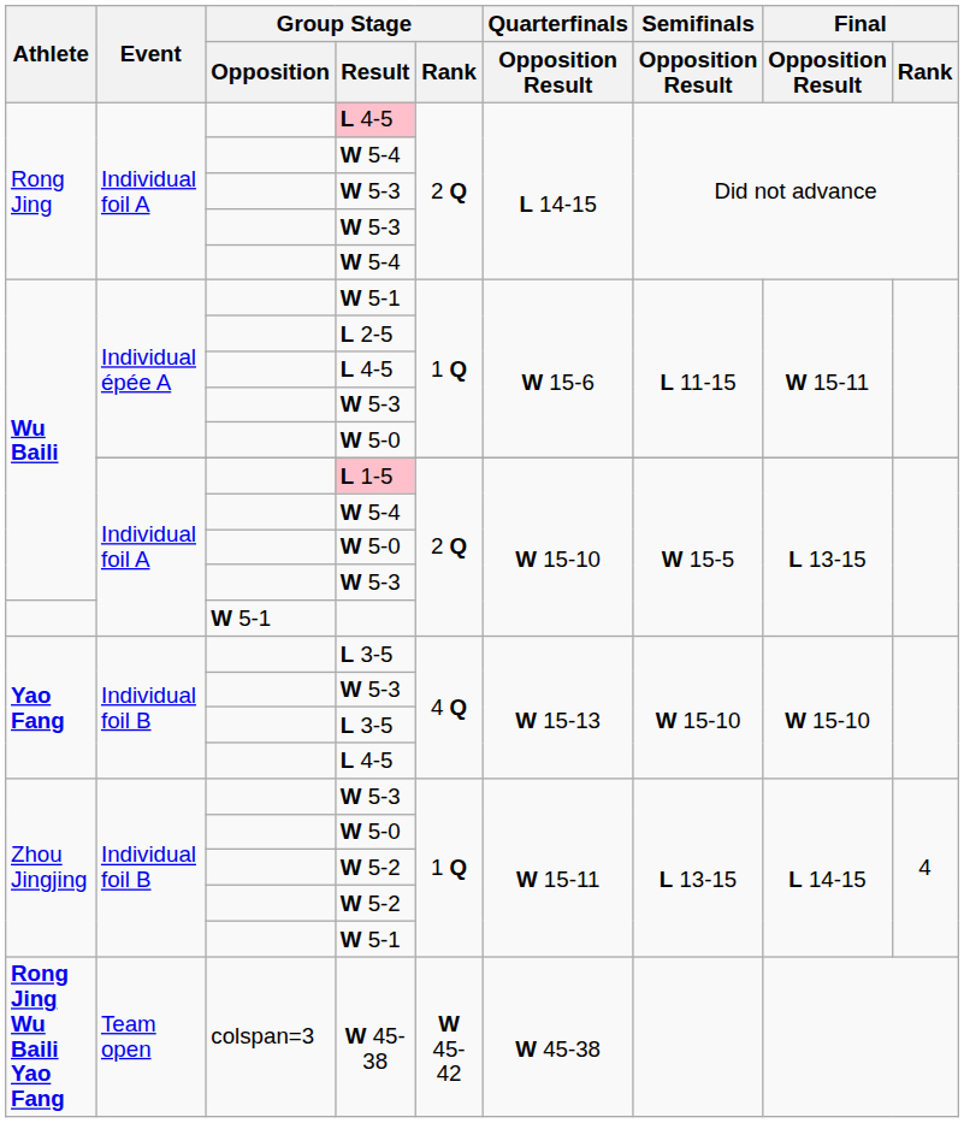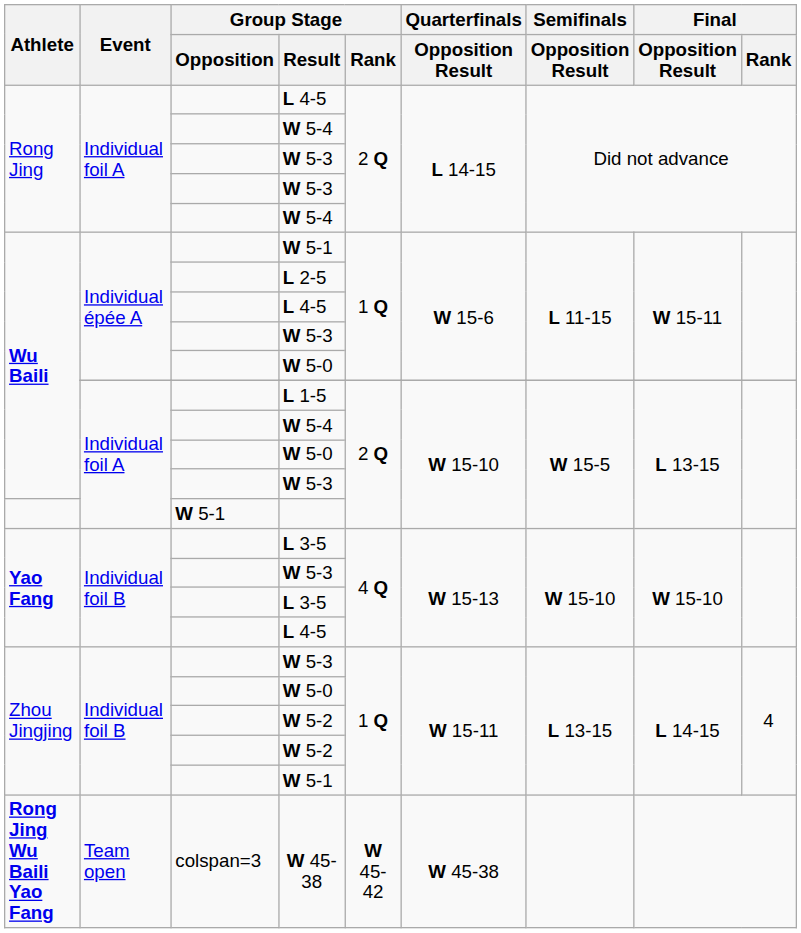 <table class=wikitable style="font-size:90%">
 <tr>
 <th rowspan="2">Athlete</th>
 <th rowspan="2">Event</th>
 <th colspan="3">Group Stage</th>
 <th>Quarterfinals</th>
 <th>Semifinals</th>
 <th colspan="2">Final</th>
 </tr>
 <tr>
 <th>Opposition</th>
 <th>Result</th>
 <th>Rank</th>
 <th>Opposition<br>Result</th>
 <th>Opposition<br>Result</th>
 <th>Opposition<br>Result</th>
 <th>Rank</th>
 </tr>
 <tr>
 <td align=left rowspan=5><a href='#'>Rong Jing</a></td>
 <td align=left rowspan=5><a href='#'>Individual foil A</a></td>
 <td></td>
-<td style="background: pink;"><strong>L</strong> 4-5</td>
+<td><strong>L</strong> 4-5</td>
 <td align=center rowspan=5>2 <strong>Q</strong></td>
 <td align=center rowspan=5><br><strong>L</strong> 14-15</td>
 <td align=center rowspan=5 colspan=3>Did not advance</td>
 </tr>
 <tr>
 <td></td>
 <td><strong>W</strong> 5-4</td>
 </tr>
 <tr>
 <td></td>
 <td><strong>W</strong> 5-3</td>
 </tr>
 <tr>
 <td></td>
 <td><strong>W</strong> 5-3</td>
 </tr>
 <tr>
 <td></td>
 <td><strong>W</strong> 5-4</td>
 </tr>
 <tr>
 <td align=left rowspan=10><strong><a href='#'>Wu Baili</a></strong></td>
 <td align=left rowspan=5><a href='#'>Individual épée A</a></td>
 <td></td>
 <td><strong>W</strong> 5-1</td>
 <td align=center rowspan=5>1 <strong>Q</strong></td>
 <td align=center rowspan=5><br><strong>W</strong> 15-6</td>
 <td align=center rowspan=5><br><strong>L</strong> 11-15</td>
 <td align=center rowspan=5><br><strong>W</strong> 15-11</td>
 <td align=center rowspan=5></td>
 </tr>
 <tr>
 <td></td>
 <td><strong>L</strong> 2-5</td>
 </tr>
 <tr>
 <td></td>
 <td><strong>L</strong> 4-5</td>
 </tr>
 <tr>
 <td></td>
 <td><strong>W</strong> 5-3</td>
 </tr>
 <tr>
 <td></td>
 <td><strong>W</strong> 5-0</td>
 </tr>
 <tr>
 </tr>
 <tr>
 <td align=left rowspan=5><a href='#'>Individual foil A</a></td>
 <td></td>
-<td style="background: pink;"><strong>L</strong> 1-5</td>
+<td><strong>L</strong> 1-5</td>
 <td align=center rowspan=5>2 <strong>Q</strong></td>
 <td align=center rowspan=5><br><strong>W</strong> 15-10</td>
 <td align=center rowspan=5><br><strong>W</strong> 15-5</td>
 <td align=center rowspan=5><br><strong>L</strong> 13-15</td>
 <td align=center rowspan=5></td>
 </tr>
 <tr>
 <td></td>
 <td><strong>W</strong> 5-4</td>
 </tr>
 <tr>
 <td></td>
 <td><strong>W</strong> 5-0</td>
 </tr>
 <tr>
 <td></td>
 <td><strong>W</strong> 5-3</td>
 </tr>
 <tr>
 <td></td>
 <td><strong>W</strong> 5-1</td>
 </tr>
 <tr>
 <td align=left rowspan=4><strong><a href='#'>Yao Fang</a></strong></td>
 <td align=left rowspan=4><a href='#'>Individual foil B</a></td>
 <td></td>
 <td><strong>L</strong> 3-5</td>
 <td align=center rowspan=4>4 <strong>Q</strong></td>
 <td align=center rowspan=4><br><strong>W</strong> 15-13</td>
 <td align=center rowspan=4><br><strong>W</strong> 15-10</td>
 <td align=center rowspan=4><br><strong>W</strong> 15-10</td>
 <td align=center rowspan=4></td>
 </tr>
 <tr>
 <td></td>
 <td><strong>W</strong> 5-3</td>
 </tr>
 <tr>
 <td></td>
 <td><strong>L</strong> 3-5</td>
 </tr>
 <tr>
 <td></td>
 <td><strong>L</strong> 4-5</td>
 </tr>
 <tr>
 <td align=left rowspan=5><a href='#'>Zhou Jingjing</a></td>
 <td align=left rowspan=5><a href='#'>Individual foil B</a></td>
 <td></td>
 <td><strong>W</strong> 5-3</td>
 <td align=center rowspan=5>1 <strong>Q</strong></td>
 <td align=center rowspan=5><br><strong>W</strong> 15-11</td>
 <td align=center rowspan=5><br><strong>L</strong> 13-15</td>
 <td align=center rowspan=5><br><strong>L</strong> 14-15</td>
 <td align=center rowspan=5>4</td>
 </tr>
 <tr>
 <td></td>
 <td><strong>W</strong> 5-0</td>
 </tr>
 <tr>
 <td></td>
 <td><strong>W</strong> 5-2</td>
 </tr>
 <tr>
 <td></td>
 <td><strong>W</strong> 5-2</td>
 </tr>
 <tr>
 <td></td>
 <td><strong>W</strong> 5-1</td>
 </tr>
 <tr>
 <td align=left><strong><a href='#'>Rong Jing</a></strong><br><strong><a href='#'>Wu Baili</a></strong><br><strong><a href='#'>Yao Fang</a></strong></td>
 <td align=left><a href='#'>Team open</a></td>
 <td>colspan=3 </td>
 <td align=center><br><strong>W</strong> 45-38</td>
 <td align=center><br><strong>W</strong> 45-42</td>
 <td align=center><br><strong>W</strong> 45-38</td>
 <td align=center></td>
 </tr>
 </table>
